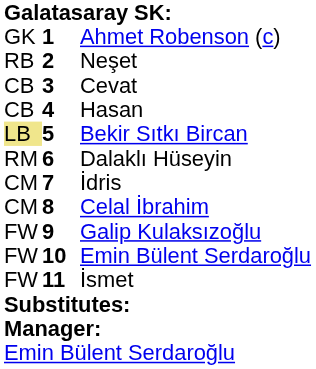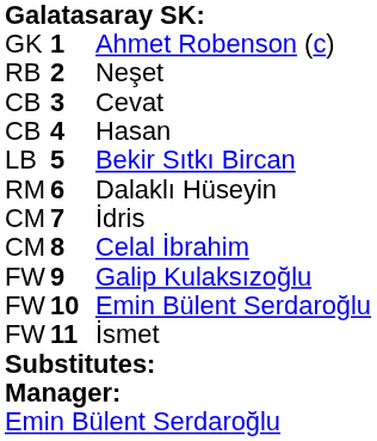 <table style="font-size: 90%" cellspacing="0" cellpadding="0">
 <tr>
 <td colspan="4"><strong>Galatasaray SK:</strong></td>
 </tr>
 <tr>
 <th width="25"></th>
 <th width="25"></th>
 </tr>
 <tr>
 <td>GK</td>
 <td><strong>1</strong></td>
 <td> <a href='#'>Ahmet Robenson</a> (<a href='#'>c</a>)</td>
 </tr>
 <tr>
 <td>RB</td>
 <td><strong>2</strong></td>
 <td> Neşet</td>
 </tr>
 <tr>
 <td>CB</td>
 <td><strong>3</strong></td>
 <td> Cevat</td>
 </tr>
 <tr>
 <td>CB</td>
 <td><strong>4</strong></td>
 <td> Hasan</td>
 </tr>
 <tr>
-<td style="background: khaki;">LB</td>
+<td>LB</td>
 <td><strong>5</strong></td>
 <td> <a href='#'>Bekir Sıtkı Bircan</a></td>
 </tr>
 <tr>
 <td>RM</td>
 <td><strong>6</strong></td>
 <td> Dalaklı Hüseyin</td>
 </tr>
 <tr>
 <td>CM</td>
 <td><strong>7</strong></td>
 <td> İdris</td>
 </tr>
 <tr>
 <td>CM</td>
 <td><strong>8</strong></td>
 <td> <a href='#'>Celal İbrahim</a></td>
 </tr>
 <tr>
 <td>FW</td>
 <td><strong>9</strong></td>
 <td> <a href='#'>Galip Kulaksızoğlu</a></td>
 </tr>
 <tr>
 <td>FW</td>
 <td><strong>10</strong></td>
 <td> <a href='#'>Emin Bülent Serdaroğlu</a></td>
 </tr>
 <tr>
 <td>FW</td>
 <td><strong>11</strong></td>
 <td> İsmet</td>
 </tr>
 <tr>
 <td colspan=4><strong>Substitutes:</strong></td>
 </tr>
 <tr>
 <td colspan=4><strong>Manager:</strong></td>
 </tr>
 <tr>
 <td colspan="4"> <a href='#'>Emin Bülent Serdaroğlu</a></td>
 </tr>
 </table>
